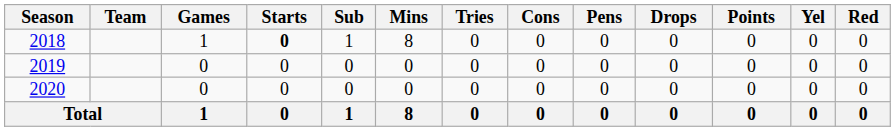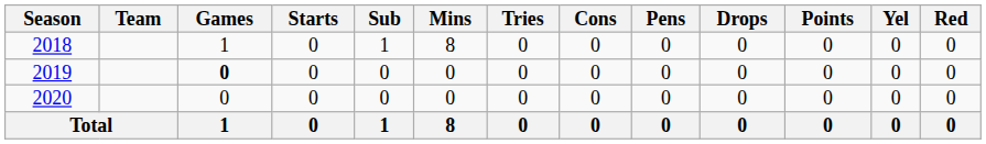 <table class="wikitable" style="text-align:center; line-height:90%; font-size:95%; width:60%;">
 <tr>
 <th>Season</th>
 <th>Team</th>
 <th>Games</th>
 <th>Starts</th>
 <th>Sub</th>
 <th>Mins</th>
 <th>Tries</th>
 <th>Cons</th>
 <th>Pens</th>
 <th>Drops</th>
 <th>Points</th>
 <th>Yel</th>
 <th>Red</th>
 </tr>
 <tr>
 <td><a href='#'>2018</a></td>
 <td></td>
 <td>1</td>
-<td><strong>0</strong></td>
+<td>0</td>
 <td>1</td>
 <td>8</td>
 <td>0</td>
 <td>0</td>
 <td>0</td>
 <td>0</td>
 <td>0</td>
 <td>0</td>
 <td>0</td>
 </tr>
 <tr>
 <td><a href='#'>2019</a></td>
 <td></td>
-<td>0</td>
+<td><strong>0</strong></td>
 <td>0</td>
 <td>0</td>
 <td>0</td>
 <td>0</td>
 <td>0</td>
 <td>0</td>
 <td>0</td>
 <td>0</td>
 <td>0</td>
 <td>0</td>
 </tr>
 <tr>
 <td><a href='#'>2020</a></td>
 <td></td>
 <td>0</td>
 <td>0</td>
 <td>0</td>
 <td>0</td>
 <td>0</td>
 <td>0</td>
 <td>0</td>
 <td>0</td>
 <td>0</td>
 <td>0</td>
 <td>0</td>
 </tr>
 <tr>
 <th colspan="2">Total</th>
 <th>1</th>
 <th>0</th>
 <th>1</th>
 <th>8</th>
 <th>0</th>
 <th>0</th>
 <th>0</th>
 <th>0</th>
 <th>0</th>
 <th>0</th>
 <th>0</th>
 </tr>
 </table>
